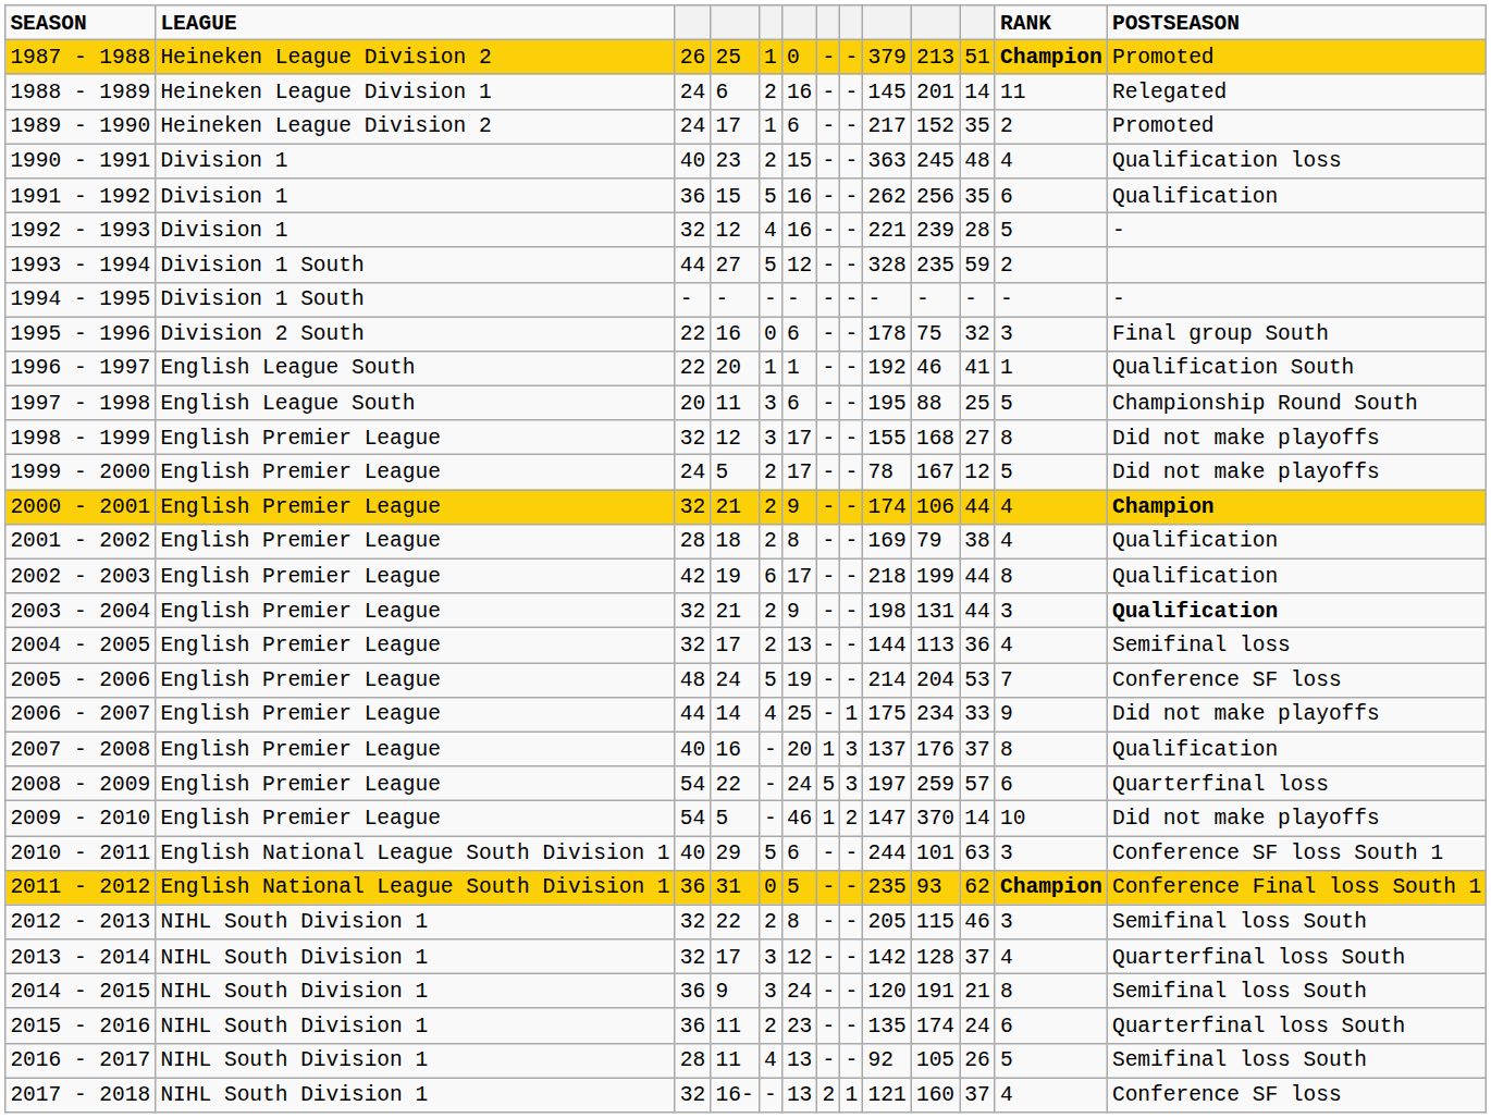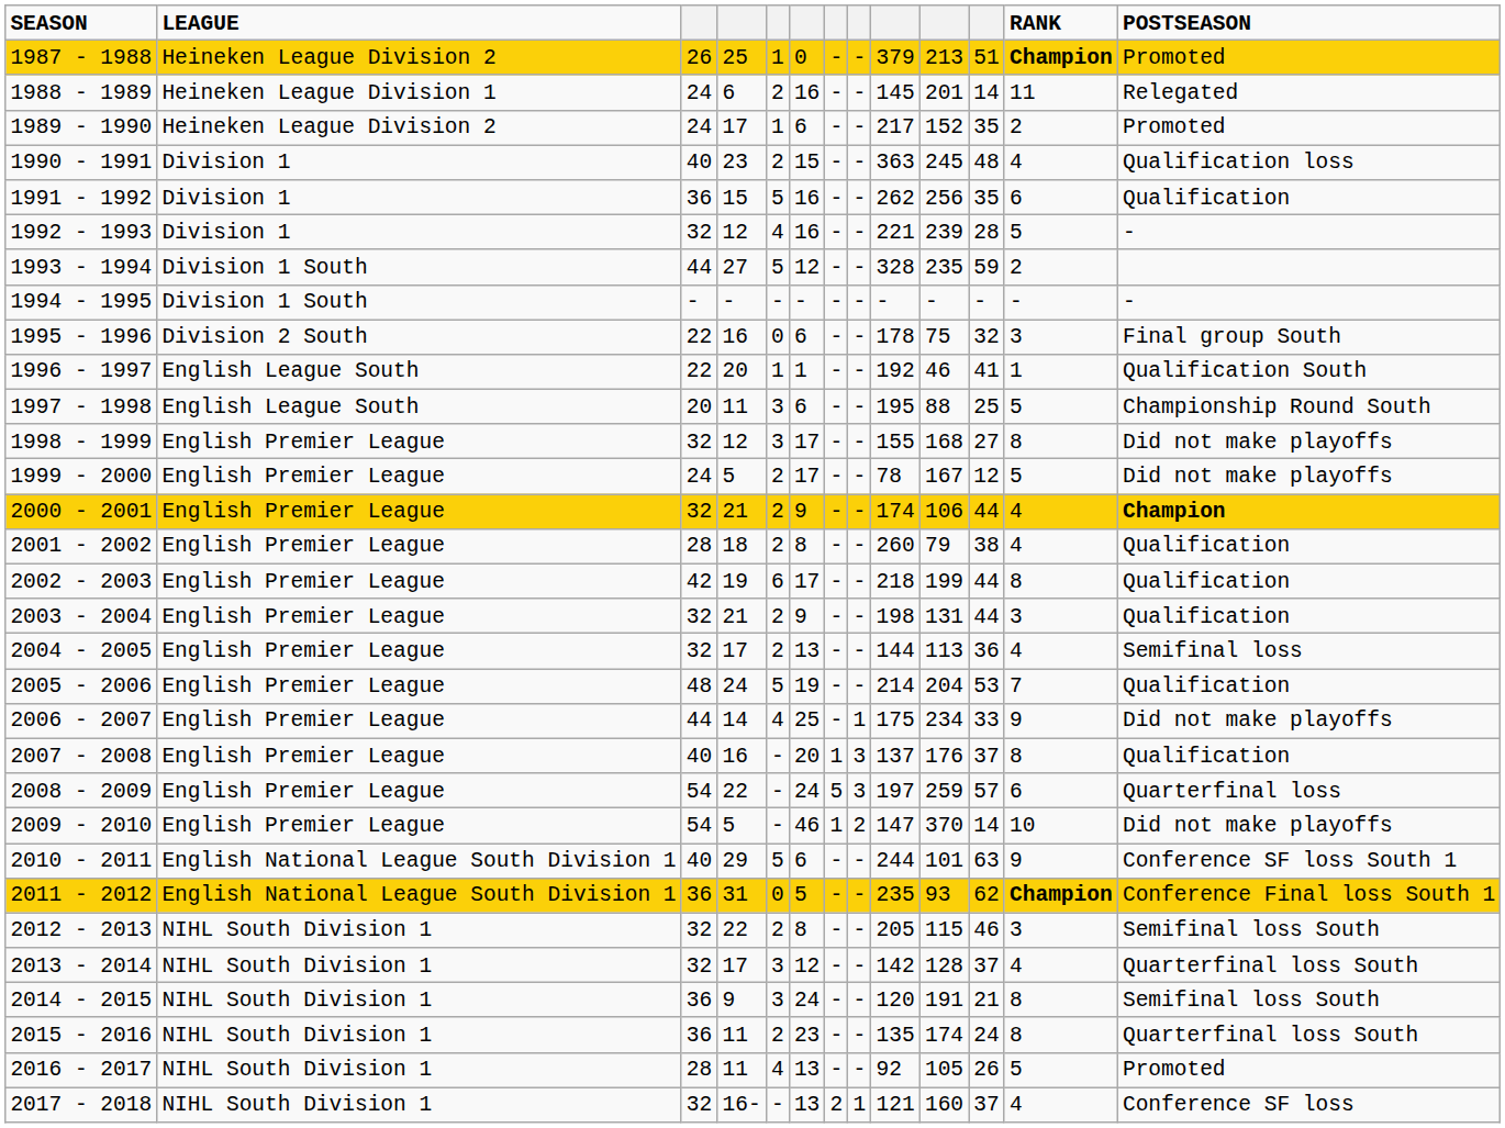 <table class="wikitable">
 <tr>
 <td><strong> SEASON</strong></td>
 <td><strong>LEAGUE</strong></td>
 <th></th>
 <th></th>
 <th></th>
 <th></th>
 <th></th>
 <th></th>
 <th></th>
 <th></th>
 <th></th>
 <td><strong>RANK</strong></td>
 <td><strong>POSTSEASON</strong></td>
 </tr>
 <tr style="background:#fbd009">
 <td>1987 - 1988</td>
 <td>Heineken League Division 2</td>
 <td>26</td>
 <td>25</td>
 <td>1</td>
 <td>0</td>
 <td>-</td>
 <td>-</td>
 <td>379</td>
 <td>213</td>
 <td>51</td>
 <td><strong>Champion</strong></td>
 <td>Promoted</td>
 </tr>
 <tr>
 <td>1988 - 1989</td>
 <td>Heineken League Division 1</td>
 <td>24</td>
 <td>6</td>
 <td>2</td>
 <td>16</td>
 <td>-</td>
 <td>-</td>
 <td>145</td>
 <td>201</td>
 <td>14</td>
 <td>11</td>
 <td>Relegated</td>
 </tr>
 <tr>
 <td>1989 - 1990</td>
 <td>Heineken League Division 2</td>
 <td>24</td>
 <td>17</td>
 <td>1</td>
 <td>6</td>
 <td>-</td>
 <td>-</td>
 <td>217</td>
 <td>152</td>
 <td>35</td>
 <td>2</td>
 <td>Promoted</td>
 </tr>
 <tr>
 <td>1990 - 1991</td>
 <td>Division 1</td>
 <td>40</td>
 <td>23</td>
 <td>2</td>
 <td>15</td>
 <td>-</td>
 <td>-</td>
 <td>363</td>
 <td>245</td>
 <td>48</td>
 <td>4</td>
 <td>Qualification loss</td>
 </tr>
 <tr>
 <td>1991 - 1992</td>
 <td>Division 1</td>
 <td>36</td>
 <td>15</td>
 <td>5</td>
 <td>16</td>
 <td>-</td>
 <td>-</td>
 <td>262</td>
 <td>256</td>
 <td>35</td>
 <td>6</td>
 <td>Qualification</td>
 </tr>
 <tr>
 <td>1992 - 1993</td>
 <td>Division 1</td>
 <td>32</td>
 <td>12</td>
 <td>4</td>
 <td>16</td>
 <td>-</td>
 <td>-</td>
 <td>221</td>
 <td>239</td>
 <td>28</td>
 <td>5</td>
 <td>-</td>
 </tr>
 <tr>
 <td>1993 - 1994</td>
 <td>Division 1 South</td>
 <td>44</td>
 <td>27</td>
 <td>5</td>
 <td>12</td>
 <td>-</td>
 <td>-</td>
 <td>328</td>
 <td>235</td>
 <td>59</td>
 <td>2</td>
 <td></td>
 </tr>
 <tr>
 <td>1994 - 1995</td>
 <td>Division 1 South</td>
 <td>-</td>
 <td>-</td>
 <td>-</td>
 <td>-</td>
 <td>-</td>
 <td>-</td>
 <td>-</td>
 <td>-</td>
 <td>-</td>
 <td>-</td>
 <td>-</td>
 </tr>
 <tr>
 <td>1995 - 1996</td>
 <td>Division 2 South</td>
 <td>22</td>
 <td>16</td>
 <td>0</td>
 <td>6</td>
 <td>-</td>
 <td>-</td>
 <td>178</td>
 <td>75</td>
 <td>32</td>
 <td>3</td>
 <td>Final group South</td>
 </tr>
 <tr>
 <td>1996 - 1997</td>
 <td>English League South</td>
 <td>22</td>
 <td>20</td>
 <td>1</td>
 <td>1</td>
 <td>-</td>
 <td>-</td>
 <td>192</td>
 <td>46</td>
 <td>41</td>
 <td>1</td>
 <td>Qualification South</td>
 </tr>
 <tr>
 <td>1997 - 1998</td>
 <td>English League South</td>
 <td>20</td>
 <td>11</td>
 <td>3</td>
 <td>6</td>
 <td>-</td>
 <td>-</td>
 <td>195</td>
 <td>88</td>
 <td>25</td>
 <td>5</td>
 <td>Championship Round South</td>
 </tr>
 <tr>
 <td>1998 - 1999</td>
 <td>English Premier League</td>
 <td>32</td>
 <td>12</td>
 <td>3</td>
 <td>17</td>
 <td>-</td>
 <td>-</td>
 <td>155</td>
 <td>168</td>
 <td>27</td>
 <td>8</td>
 <td>Did not make playoffs</td>
 </tr>
 <tr>
 <td>1999 - 2000</td>
 <td>English Premier League</td>
 <td>24</td>
 <td>5</td>
 <td>2</td>
 <td>17</td>
 <td>-</td>
 <td>-</td>
 <td>78</td>
 <td>167</td>
 <td>12</td>
 <td>5</td>
 <td>Did not make playoffs</td>
 </tr>
 <tr style="background:#fbd009">
 <td>2000 - 2001</td>
 <td>English Premier League</td>
 <td>32</td>
 <td>21</td>
 <td>2</td>
 <td>9</td>
 <td>-</td>
 <td>-</td>
 <td>174</td>
 <td>106</td>
 <td>44</td>
 <td>4</td>
 <td><strong>Champion</strong></td>
 </tr>
 <tr>
 <td>2001 - 2002</td>
 <td>English Premier League</td>
 <td>28</td>
 <td>18</td>
 <td>2</td>
 <td>8</td>
 <td>-</td>
 <td>-</td>
-<td>169</td>
+<td>260</td>
 <td>79</td>
 <td>38</td>
 <td>4</td>
 <td>Qualification</td>
 </tr>
 <tr>
 <td>2002 - 2003</td>
 <td>English Premier League</td>
 <td>42</td>
 <td>19</td>
 <td>6</td>
 <td>17</td>
 <td>-</td>
 <td>-</td>
 <td>218</td>
 <td>199</td>
 <td>44</td>
 <td>8</td>
 <td>Qualification</td>
 </tr>
 <tr>
 <td>2003 - 2004</td>
 <td>English Premier League</td>
 <td>32</td>
 <td>21</td>
 <td>2</td>
 <td>9</td>
 <td>-</td>
 <td>-</td>
 <td>198</td>
 <td>131</td>
 <td>44</td>
 <td>3</td>
-<td><strong>Qualification</strong></td>
+<td>Qualification</td>
 </tr>
 <tr>
 <td>2004 - 2005</td>
 <td>English Premier League</td>
 <td>32</td>
 <td>17</td>
 <td>2</td>
 <td>13</td>
 <td>-</td>
 <td>-</td>
 <td>144</td>
 <td>113</td>
 <td>36</td>
 <td>4</td>
 <td>Semifinal loss</td>
 </tr>
 <tr>
 <td>2005 - 2006</td>
 <td>English Premier League</td>
 <td>48</td>
 <td>24</td>
 <td>5</td>
 <td>19</td>
 <td>-</td>
 <td>-</td>
 <td>214</td>
 <td>204</td>
 <td>53</td>
 <td>7</td>
-<td>Conference SF loss</td>
+<td>Qualification</td>
 </tr>
 <tr>
 <td>2006 - 2007</td>
 <td>English Premier League</td>
 <td>44</td>
 <td>14</td>
 <td>4</td>
 <td>25</td>
 <td>-</td>
 <td>1</td>
 <td>175</td>
 <td>234</td>
 <td>33</td>
 <td>9</td>
 <td>Did not make playoffs</td>
 </tr>
 <tr>
 <td>2007 - 2008</td>
 <td>English Premier League</td>
 <td>40</td>
 <td>16</td>
 <td>-</td>
 <td>20</td>
 <td>1</td>
 <td>3</td>
 <td>137</td>
 <td>176</td>
 <td>37</td>
 <td>8</td>
 <td>Qualification</td>
 </tr>
 <tr>
 <td>2008 - 2009</td>
 <td>English Premier League</td>
 <td>54</td>
 <td>22</td>
 <td>-</td>
 <td>24</td>
 <td>5</td>
 <td>3</td>
 <td>197</td>
 <td>259</td>
 <td>57</td>
 <td>6</td>
 <td>Quarterfinal loss</td>
 </tr>
 <tr>
 <td>2009 - 2010</td>
 <td>English Premier League</td>
 <td>54</td>
 <td>5</td>
 <td>-</td>
 <td>46</td>
 <td>1</td>
 <td>2</td>
 <td>147</td>
 <td>370</td>
 <td>14</td>
 <td>10</td>
 <td>Did not make playoffs</td>
 </tr>
 <tr>
 <td>2010 - 2011</td>
 <td>English National League South Division 1</td>
 <td>40</td>
 <td>29</td>
 <td>5</td>
 <td>6</td>
 <td>-</td>
 <td>-</td>
 <td>244</td>
 <td>101</td>
 <td>63</td>
-<td>3</td>
+<td>9</td>
 <td>Conference SF loss South 1</td>
 </tr>
 <tr style="background:#fbd009">
 <td>2011 - 2012</td>
 <td>English National League South Division 1</td>
 <td>36</td>
 <td>31</td>
 <td>0</td>
 <td>5</td>
 <td>-</td>
 <td>-</td>
 <td>235</td>
 <td>93</td>
 <td>62</td>
 <td><strong>Champion</strong></td>
 <td>Conference Final loss South 1</td>
 </tr>
 <tr>
 <td>2012 - 2013</td>
 <td>NIHL South Division 1</td>
 <td>32</td>
 <td>22</td>
 <td>2</td>
 <td>8</td>
 <td>-</td>
 <td>-</td>
 <td>205</td>
 <td>115</td>
 <td>46</td>
 <td>3</td>
 <td>Semifinal loss South</td>
 </tr>
 <tr>
 <td>2013 - 2014</td>
 <td>NIHL South Division 1</td>
 <td>32</td>
 <td>17</td>
 <td>3</td>
 <td>12</td>
 <td>-</td>
 <td>-</td>
 <td>142</td>
 <td>128</td>
 <td>37</td>
 <td>4</td>
 <td>Quarterfinal loss South</td>
 </tr>
 <tr>
 <td>2014 - 2015</td>
 <td>NIHL South Division 1</td>
 <td>36</td>
 <td>9</td>
 <td>3</td>
 <td>24</td>
 <td>-</td>
 <td>-</td>
 <td>120</td>
 <td>191</td>
 <td>21</td>
 <td>8</td>
 <td>Semifinal loss South</td>
 </tr>
 <tr>
 <td>2015 - 2016</td>
 <td>NIHL South Division 1</td>
 <td>36</td>
 <td>11</td>
 <td>2</td>
 <td>23</td>
 <td>-</td>
 <td>-</td>
 <td>135</td>
 <td>174</td>
 <td>24</td>
-<td>6</td>
+<td>8</td>
 <td>Quarterfinal loss South</td>
 </tr>
 <tr>
 <td>2016 - 2017</td>
 <td>NIHL South Division 1</td>
 <td>28</td>
 <td>11</td>
 <td>4</td>
 <td>13</td>
 <td>-</td>
 <td>-</td>
 <td>92</td>
 <td>105</td>
 <td>26</td>
 <td>5</td>
-<td>Semifinal loss South</td>
+<td>Promoted</td>
 </tr>
 <tr>
 <td>2017 - 2018</td>
 <td>NIHL South Division 1</td>
 <td>32</td>
 <td>16-</td>
 <td>-</td>
 <td>13</td>
 <td>2</td>
 <td>1</td>
 <td>121</td>
 <td>160</td>
 <td>37</td>
 <td>4</td>
 <td>Conference SF loss</td>
 </tr>
 </table>
